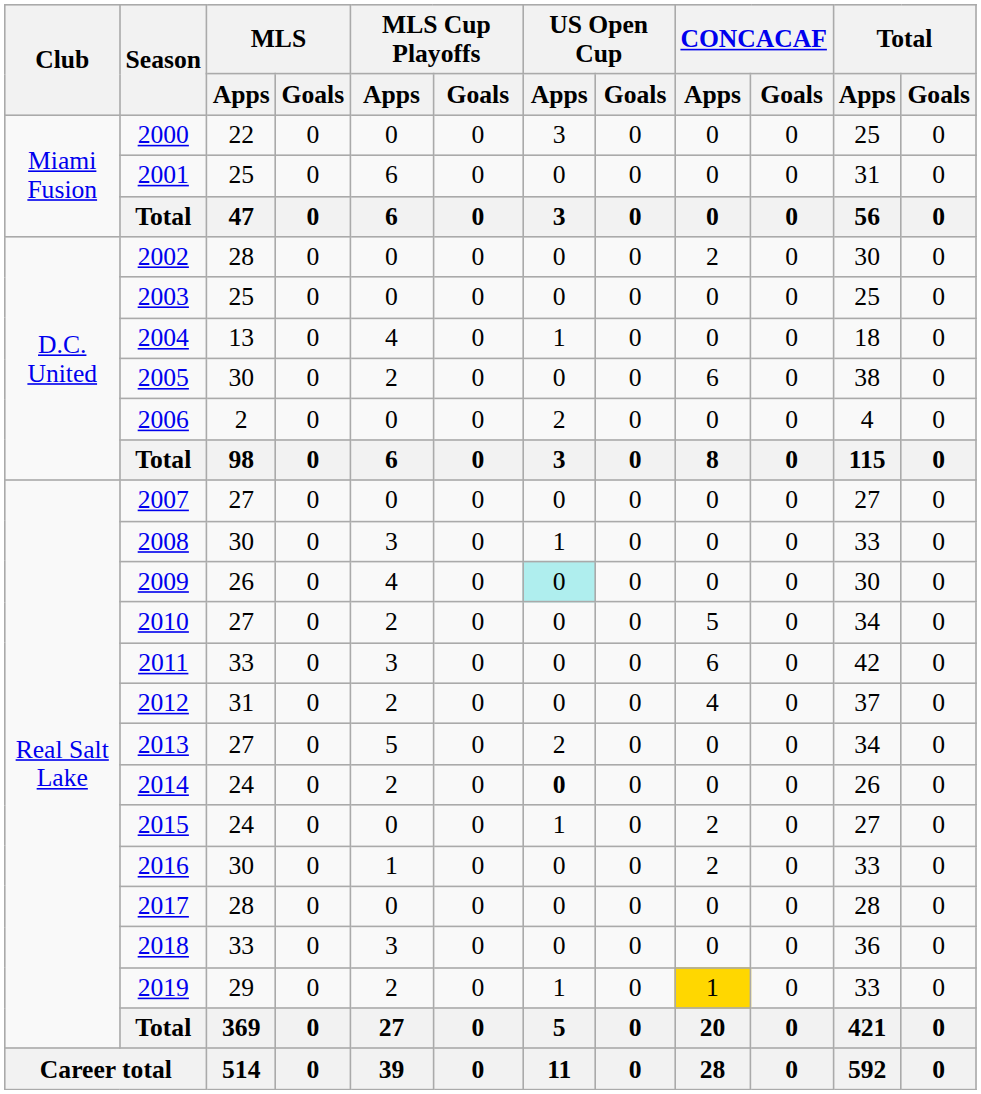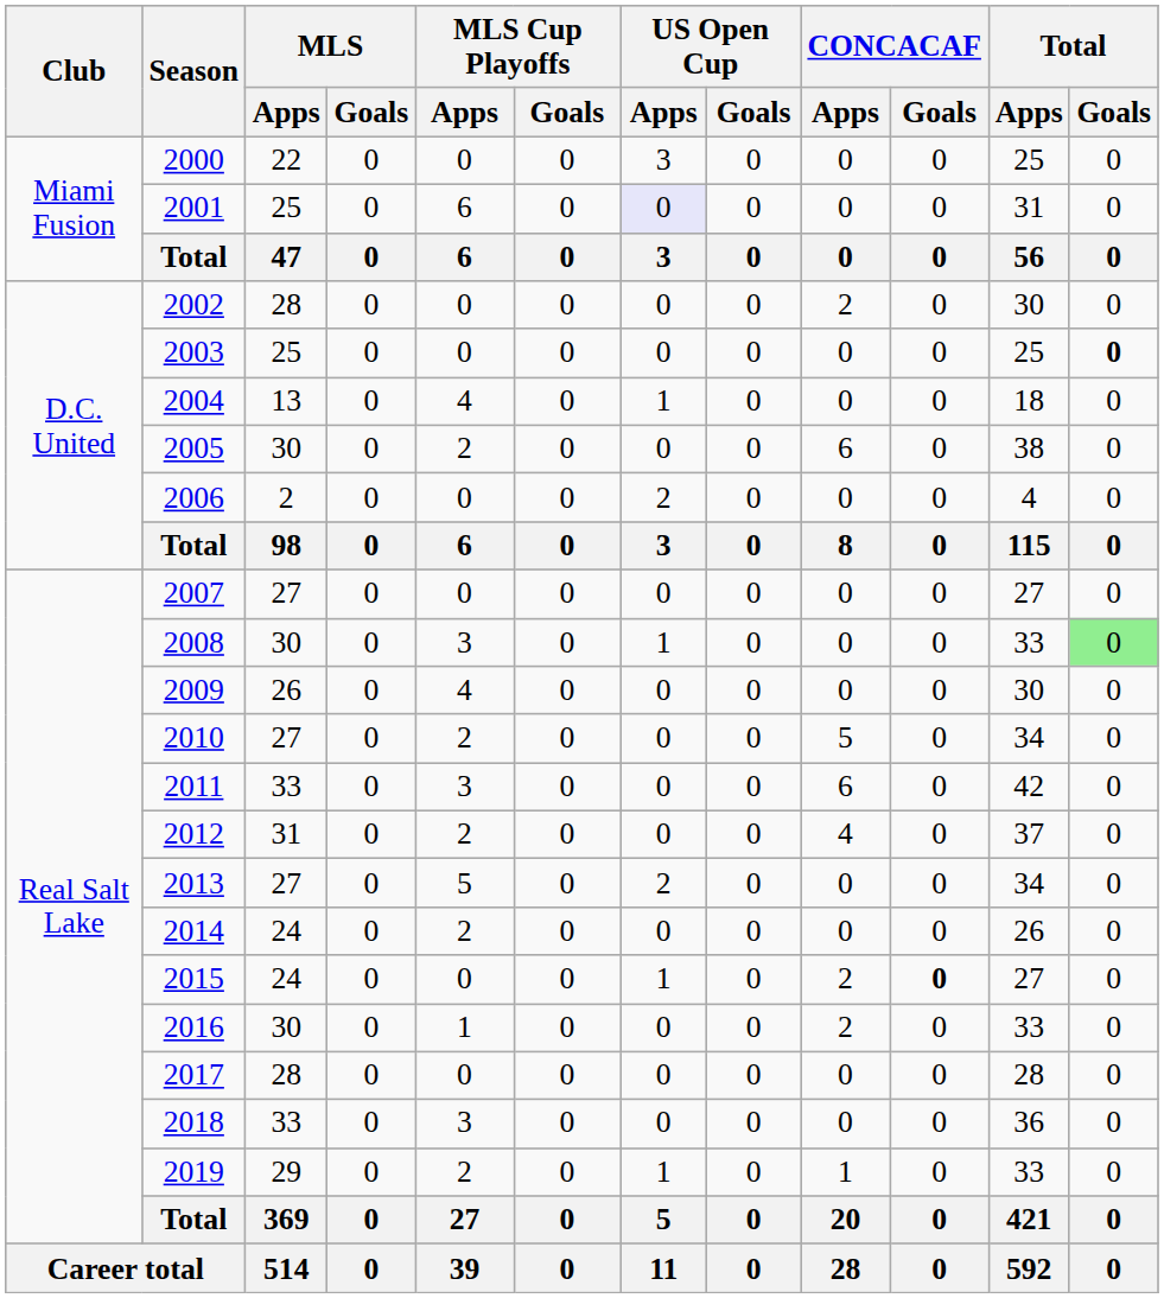 <table class="wikitable" style="text-align:center">
 <tr>
 <th rowspan="2">Club</th>
 <th rowspan="2">Season</th>
 <th colspan="2">MLS</th>
 <th colspan="2">MLS Cup Playoffs</th>
 <th colspan="2">US Open Cup</th>
 <th colspan="2"><a href='#'>CONCACAF</a></th>
 <th colspan="2">Total</th>
 </tr>
 <tr>
 <th>Apps</th>
 <th>Goals</th>
 <th>Apps</th>
 <th>Goals</th>
 <th>Apps</th>
 <th>Goals</th>
 <th>Apps</th>
 <th>Goals</th>
 <th>Apps</th>
 <th>Goals</th>
 </tr>
 <tr>
 <td rowspan="3"><a href='#'>Miami Fusion</a></td>
 <td><a href='#'>2000</a></td>
 <td>22</td>
 <td>0</td>
 <td>0</td>
 <td>0</td>
 <td>3</td>
 <td>0</td>
 <td>0</td>
 <td>0</td>
 <td>25</td>
 <td>0</td>
 </tr>
 <tr>
 <td><a href='#'>2001</a></td>
 <td>25</td>
 <td>0</td>
 <td>6</td>
 <td>0</td>
-<td>0</td>
+<td style="background: lavender;">0</td>
 <td>0</td>
 <td>0</td>
 <td>0</td>
 <td>31</td>
 <td>0</td>
 </tr>
 <tr>
 <th>Total</th>
 <th>47</th>
 <th>0</th>
 <th>6</th>
 <th>0</th>
 <th>3</th>
 <th>0</th>
 <th>0</th>
 <th>0</th>
 <th>56</th>
 <th>0</th>
 </tr>
 <tr>
 <td rowspan="6"><a href='#'>D.C. United</a></td>
 <td><a href='#'>2002</a></td>
 <td>28</td>
 <td>0</td>
 <td>0</td>
 <td>0</td>
 <td>0</td>
 <td>0</td>
 <td>2</td>
 <td>0</td>
 <td>30</td>
 <td>0</td>
 </tr>
 <tr>
 <td><a href='#'>2003</a></td>
 <td>25</td>
 <td>0</td>
 <td>0</td>
 <td>0</td>
 <td>0</td>
 <td>0</td>
 <td>0</td>
 <td>0</td>
 <td>25</td>
-<td>0</td>
+<td><strong>0</strong></td>
 </tr>
 <tr>
 <td><a href='#'>2004</a></td>
 <td>13</td>
 <td>0</td>
 <td>4</td>
 <td>0</td>
 <td>1</td>
 <td>0</td>
 <td>0</td>
 <td>0</td>
 <td>18</td>
 <td>0</td>
 </tr>
 <tr>
 <td><a href='#'>2005</a></td>
 <td>30</td>
 <td>0</td>
 <td>2</td>
 <td>0</td>
 <td>0</td>
 <td>0</td>
 <td>6</td>
 <td>0</td>
 <td>38</td>
 <td>0</td>
 </tr>
 <tr>
 <td><a href='#'>2006</a></td>
 <td>2</td>
 <td>0</td>
 <td>0</td>
 <td>0</td>
 <td>2</td>
 <td>0</td>
 <td>0</td>
 <td>0</td>
 <td>4</td>
 <td>0</td>
 </tr>
 <tr>
 <th>Total</th>
 <th>98</th>
 <th>0</th>
 <th>6</th>
 <th>0</th>
 <th>3</th>
 <th>0</th>
 <th>8</th>
 <th>0</th>
 <th>115</th>
 <th>0</th>
 </tr>
 <tr>
 <td rowspan="14"><a href='#'>Real Salt Lake</a></td>
 <td><a href='#'>2007</a></td>
 <td>27</td>
 <td>0</td>
 <td>0</td>
 <td>0</td>
 <td>0</td>
 <td>0</td>
 <td>0</td>
 <td>0</td>
 <td>27</td>
 <td>0</td>
 </tr>
 <tr>
 <td><a href='#'>2008</a></td>
 <td>30</td>
 <td>0</td>
 <td>3</td>
 <td>0</td>
 <td>1</td>
 <td>0</td>
 <td>0</td>
 <td>0</td>
 <td>33</td>
-<td>0</td>
+<td style="background: lightgreen;">0</td>
 </tr>
 <tr>
 <td><a href='#'>2009</a></td>
 <td>26</td>
 <td>0</td>
 <td>4</td>
 <td>0</td>
-<td style="background: paleturquoise;">0</td>
+<td>0</td>
 <td>0</td>
 <td>0</td>
 <td>0</td>
 <td>30</td>
 <td>0</td>
 </tr>
 <tr>
 <td><a href='#'>2010</a></td>
 <td>27</td>
 <td>0</td>
 <td>2</td>
 <td>0</td>
 <td>0</td>
 <td>0</td>
 <td>5</td>
 <td>0</td>
 <td>34</td>
 <td>0</td>
 </tr>
 <tr>
 <td><a href='#'>2011</a></td>
 <td>33</td>
 <td>0</td>
 <td>3</td>
 <td>0</td>
 <td>0</td>
 <td>0</td>
 <td>6</td>
 <td>0</td>
 <td>42</td>
 <td>0</td>
 </tr>
 <tr>
 <td><a href='#'>2012</a></td>
 <td>31</td>
 <td>0</td>
 <td>2</td>
 <td>0</td>
 <td>0</td>
 <td>0</td>
 <td>4</td>
 <td>0</td>
 <td>37</td>
 <td>0</td>
 </tr>
 <tr>
 <td><a href='#'>2013</a></td>
 <td>27</td>
 <td>0</td>
 <td>5</td>
 <td>0</td>
 <td>2</td>
 <td>0</td>
 <td>0</td>
 <td>0</td>
 <td>34</td>
 <td>0</td>
 </tr>
 <tr>
 <td><a href='#'>2014</a></td>
 <td>24</td>
 <td>0</td>
 <td>2</td>
 <td>0</td>
-<td><strong>0</strong></td>
+<td>0</td>
 <td>0</td>
 <td>0</td>
 <td>0</td>
 <td>26</td>
 <td>0</td>
 </tr>
 <tr>
 <td><a href='#'>2015</a></td>
 <td>24</td>
 <td>0</td>
 <td>0</td>
 <td>0</td>
 <td>1</td>
 <td>0</td>
 <td>2</td>
-<td>0</td>
+<td><strong>0</strong></td>
 <td>27</td>
 <td>0</td>
 </tr>
 <tr>
 <td><a href='#'>2016</a></td>
 <td>30</td>
 <td>0</td>
 <td>1</td>
 <td>0</td>
 <td>0</td>
 <td>0</td>
 <td>2</td>
 <td>0</td>
 <td>33</td>
 <td>0</td>
 </tr>
 <tr>
 <td><a href='#'>2017</a></td>
 <td>28</td>
 <td>0</td>
 <td>0</td>
 <td>0</td>
 <td>0</td>
 <td>0</td>
 <td>0</td>
 <td>0</td>
 <td>28</td>
 <td>0</td>
 </tr>
 <tr>
 <td><a href='#'>2018</a></td>
 <td>33</td>
 <td>0</td>
 <td>3</td>
 <td>0</td>
 <td>0</td>
 <td>0</td>
 <td>0</td>
 <td>0</td>
 <td>36</td>
 <td>0</td>
 </tr>
 <tr>
 <td><a href='#'>2019</a></td>
 <td>29</td>
 <td>0</td>
 <td>2</td>
 <td>0</td>
 <td>1</td>
 <td>0</td>
-<td style="background: gold;">1</td>
+<td>1</td>
 <td>0</td>
 <td>33</td>
 <td>0</td>
 </tr>
 <tr>
 <th>Total</th>
 <th>369</th>
 <th>0</th>
 <th>27</th>
 <th>0</th>
 <th>5</th>
 <th>0</th>
 <th>20</th>
 <th>0</th>
 <th>421</th>
 <th>0</th>
 </tr>
 <tr>
 <th colspan="2">Career total</th>
 <th>514</th>
 <th>0</th>
 <th>39</th>
 <th>0</th>
 <th>11</th>
 <th>0</th>
 <th>28</th>
 <th>0</th>
 <th>592</th>
 <th>0</th>
 </tr>
 </table>
